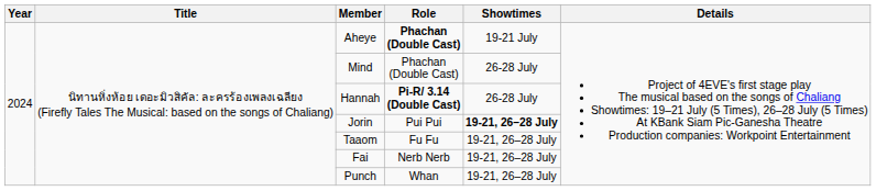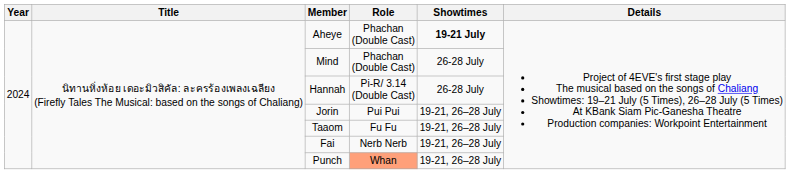 <table class="wikitable plainrowheaders" style="text-align:center;">
 <tr>
 <th>Year</th>
 <th>Title</th>
 <th>Member</th>
 <th>Role</th>
 <th>Showtimes</th>
 <th>Details</th>
 </tr>
 <tr>
 <td rowspan="7">2024</td>
 <td rowspan="7">นิทานหิ่งห้อย เดอะมิวสิคัล: ละครร้องเพลงเฉลียง<br>(Firefly Tales The Musical: based on the songs of Chaliang)</td>
 <td>Aheye</td>
-<td><strong>Phachan<br>(Double Cast)</strong></td>
-<td>19-21 July</td>
+<td>Phachan<br>(Double Cast)</td>
+<td><strong>19-21 July</strong></td>
 <td rowspan="7"><br><ul><li>Project of 4EVE's first stage play</li><li>The musical based on the songs of <a href='#'>Chaliang</a></li><li>Showtimes: 19–21 July (5 Times), 26–28 July (5 Times)</li><li>At KBank Siam Pic-Ganesha Theatre</li><li>Production companies: Workpoint Entertainment</li></ul></td>
 </tr>
 <tr>
 <td>Mind</td>
 <td>Phachan<br>(Double Cast)</td>
 <td>26-28 July</td>
 </tr>
 <tr>
 <td>Hannah</td>
-<td><strong>Pi-R/ 3.14<br>(Double Cast)</strong></td>
+<td>Pi-R/ 3.14<br>(Double Cast)</td>
 <td>26-28 July</td>
 </tr>
 <tr>
 <td>Jorin</td>
 <td>Pui Pui</td>
-<td><strong>19-21, 26–28 July</strong></td>
+<td>19-21, 26–28 July</td>
 </tr>
 <tr>
 <td>Taaom</td>
 <td>Fu Fu</td>
 <td>19-21, 26–28 July</td>
 </tr>
 <tr>
 <td>Fai</td>
 <td>Nerb Nerb</td>
 <td>19-21, 26–28 July</td>
 </tr>
 <tr>
 <td>Punch</td>
-<td>Whan</td>
+<td style="background: lightsalmon;">Whan</td>
 <td>19-21, 26–28 July</td>
 </tr>
 </table>
